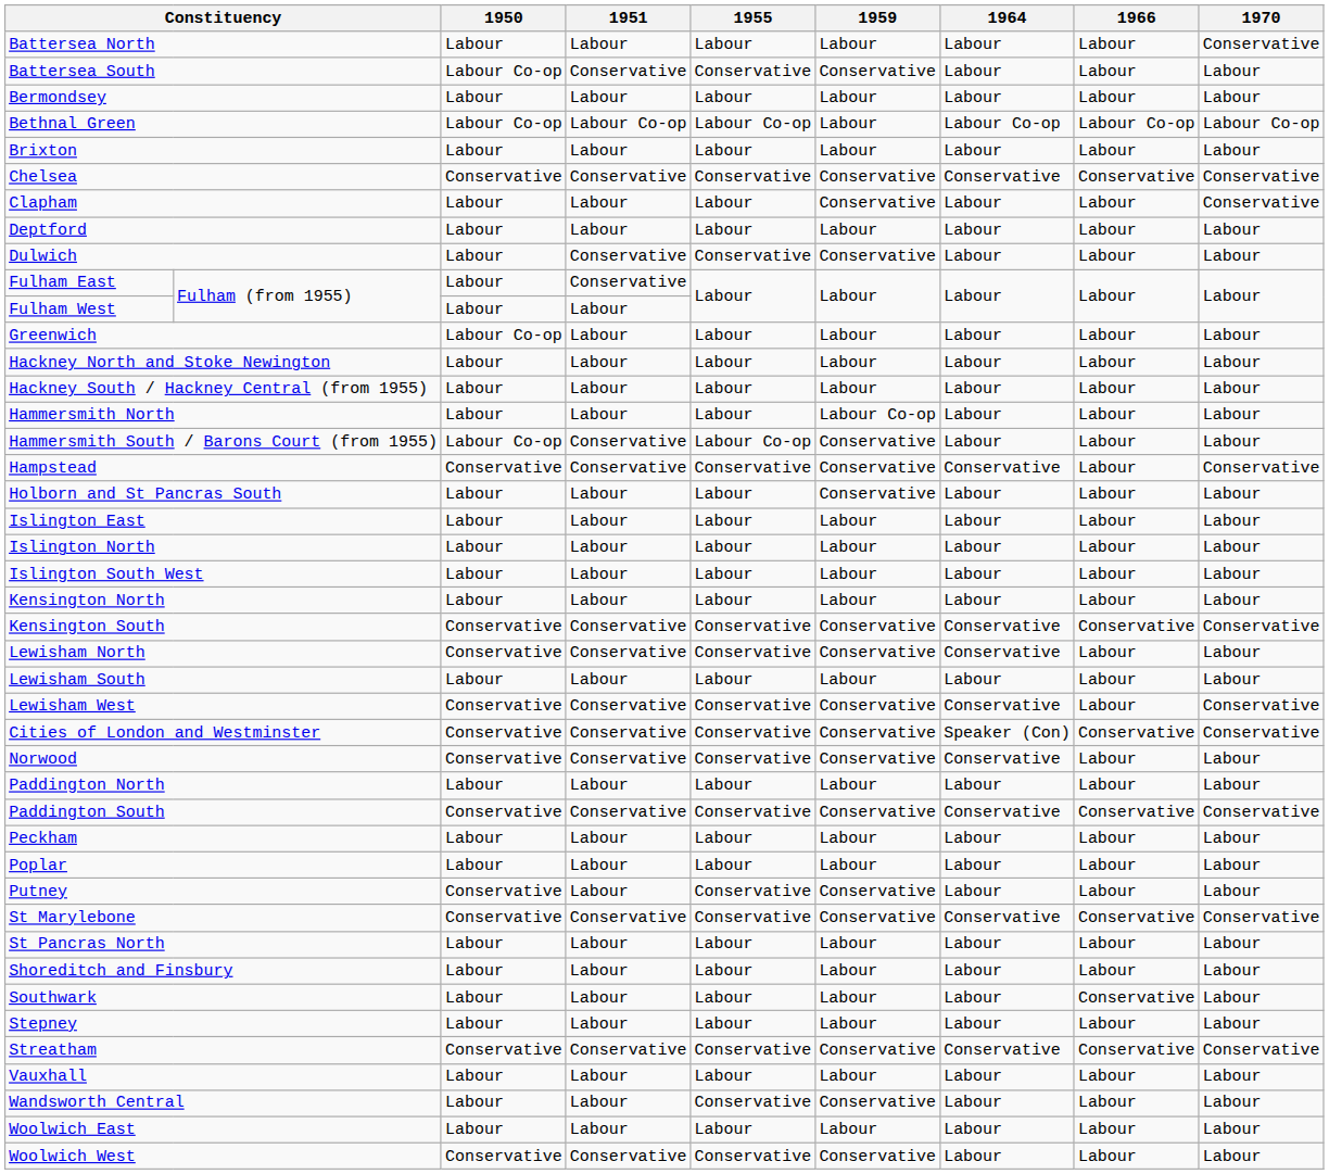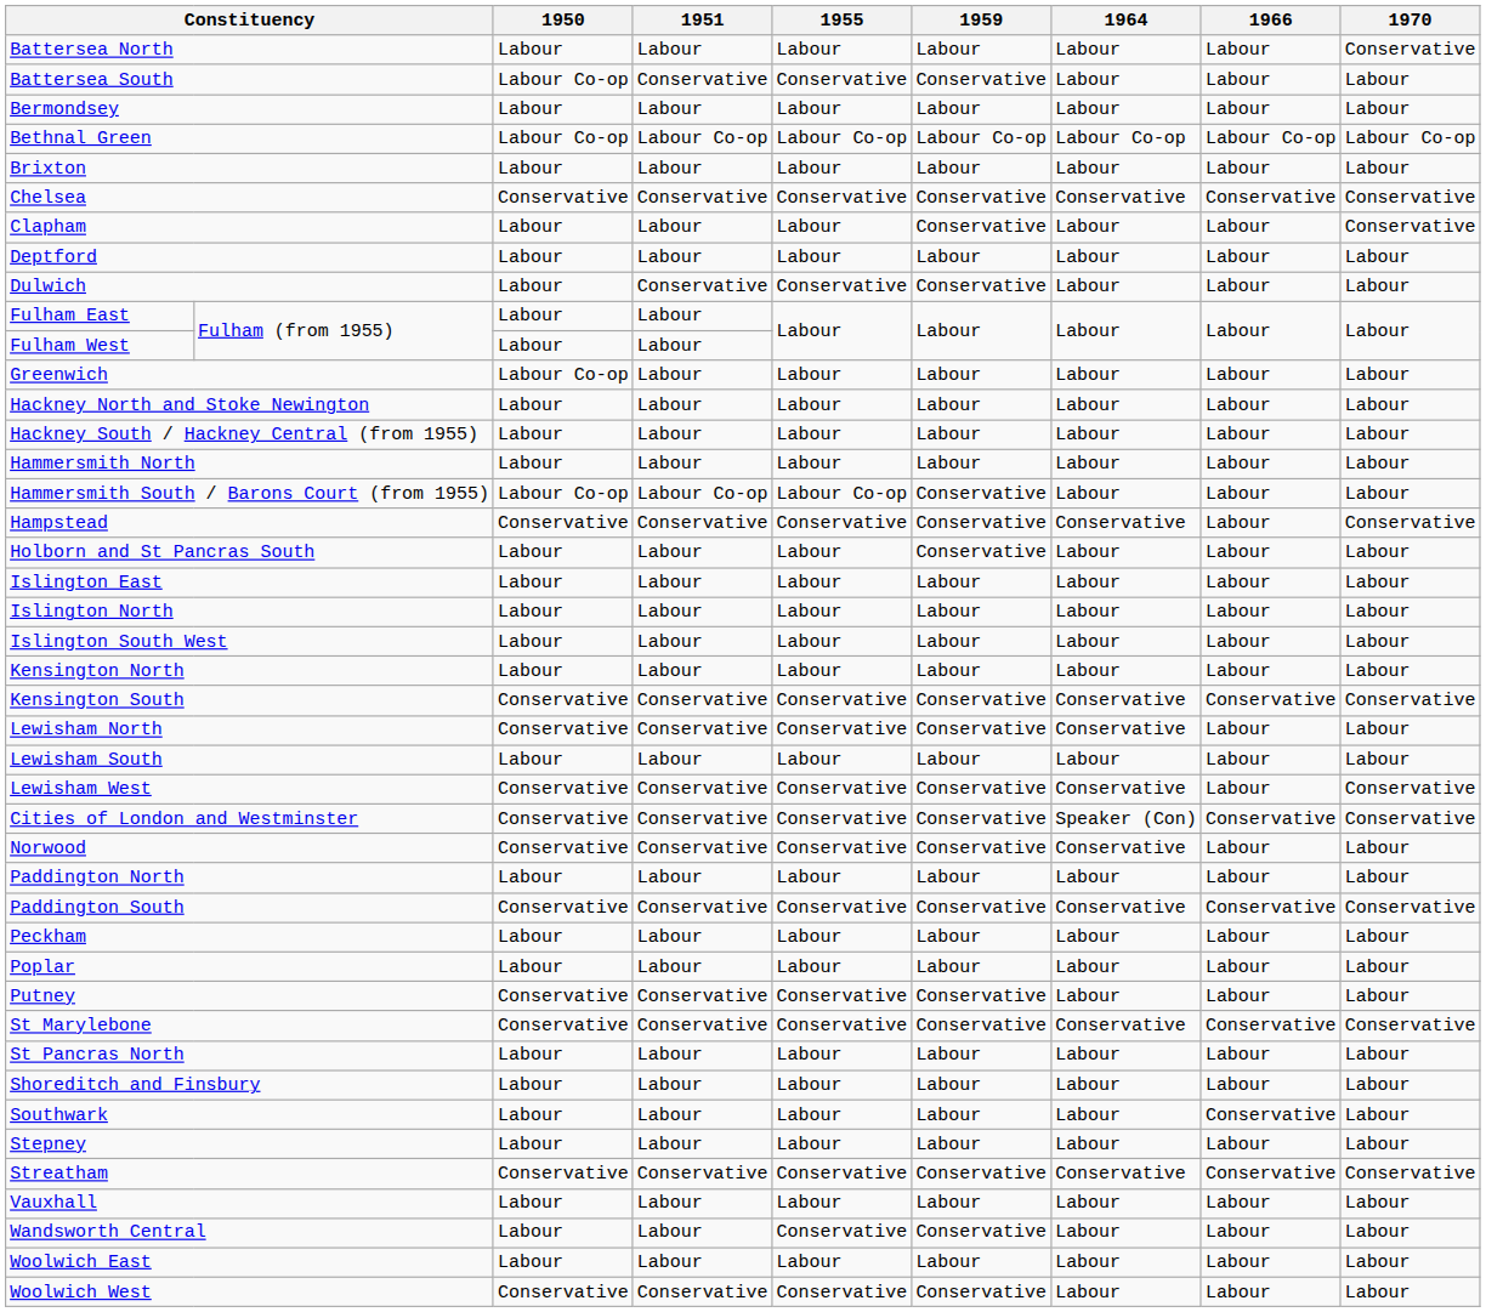 <table class="wikitable sortable">
 <tr>
 <th colspan="2">Constituency</th>
 <th>1950</th>
 <th>1951</th>
 <th>1955</th>
 <th>1959</th>
 <th>1964</th>
 <th>1966</th>
 <th>1970</th>
 </tr>
 <tr>
 <td colspan="2"><a href='#'>Battersea North</a></td>
 <td>Labour</td>
 <td>Labour</td>
 <td>Labour</td>
 <td>Labour</td>
 <td>Labour</td>
 <td>Labour</td>
 <td>Conservative</td>
 </tr>
 <tr>
 <td colspan="2"><a href='#'>Battersea South</a></td>
 <td>Labour Co-op</td>
 <td>Conservative</td>
 <td>Conservative</td>
 <td>Conservative</td>
 <td>Labour</td>
 <td>Labour</td>
 <td>Labour</td>
 </tr>
 <tr>
 <td colspan="2"><a href='#'>Bermondsey</a></td>
 <td>Labour</td>
 <td>Labour</td>
 <td>Labour</td>
 <td>Labour</td>
 <td>Labour</td>
 <td>Labour</td>
 <td>Labour</td>
 </tr>
 <tr>
 <td colspan="2"><a href='#'>Bethnal Green</a></td>
 <td>Labour Co-op</td>
 <td>Labour Co-op</td>
 <td>Labour Co-op</td>
-<td>Labour</td>
+<td>Labour Co-op</td>
 <td>Labour Co-op</td>
 <td>Labour Co-op</td>
 <td>Labour Co-op</td>
 </tr>
 <tr>
 <td colspan="2"><a href='#'>Brixton</a></td>
 <td>Labour</td>
 <td>Labour</td>
 <td>Labour</td>
 <td>Labour</td>
 <td>Labour</td>
 <td>Labour</td>
 <td>Labour</td>
 </tr>
 <tr>
 <td colspan="2"><a href='#'>Chelsea</a></td>
 <td>Conservative</td>
 <td>Conservative</td>
 <td>Conservative</td>
 <td>Conservative</td>
 <td>Conservative</td>
 <td>Conservative</td>
 <td>Conservative</td>
 </tr>
 <tr>
 <td colspan="2"><a href='#'>Clapham</a></td>
 <td>Labour</td>
 <td>Labour</td>
 <td>Labour</td>
 <td>Conservative</td>
 <td>Labour</td>
 <td>Labour</td>
 <td>Conservative</td>
 </tr>
 <tr>
 <td colspan="2"><a href='#'>Deptford</a></td>
 <td>Labour</td>
 <td>Labour</td>
 <td>Labour</td>
 <td>Labour</td>
 <td>Labour</td>
 <td>Labour</td>
 <td>Labour</td>
 </tr>
 <tr>
 <td colspan="2"><a href='#'>Dulwich</a></td>
 <td>Labour</td>
 <td>Conservative</td>
 <td>Conservative</td>
 <td>Conservative</td>
 <td>Labour</td>
 <td>Labour</td>
 <td>Labour</td>
 </tr>
 <tr>
 <td><a href='#'>Fulham East</a></td>
 <td rowspan="2"><a href='#'>Fulham</a> (from 1955)</td>
 <td>Labour</td>
-<td>Conservative</td>
+<td>Labour</td>
 <td rowspan="2" bgcolor=>Labour</td>
 <td rowspan="2">Labour</td>
 <td rowspan="2">Labour</td>
 <td rowspan="2">Labour</td>
 <td rowspan="2">Labour</td>
 </tr>
 <tr>
 <td><a href='#'>Fulham West</a></td>
 <td>Labour</td>
 <td>Labour</td>
 </tr>
 <tr>
 <td colspan="2"><a href='#'>Greenwich</a></td>
 <td>Labour Co-op</td>
 <td>Labour</td>
 <td>Labour</td>
 <td>Labour</td>
 <td>Labour</td>
 <td>Labour</td>
 <td>Labour</td>
 </tr>
 <tr>
 <td colspan="2"><a href='#'>Hackney North and Stoke Newington</a></td>
 <td>Labour</td>
 <td>Labour</td>
 <td>Labour</td>
 <td>Labour</td>
 <td>Labour</td>
 <td>Labour</td>
 <td>Labour</td>
 </tr>
 <tr>
 <td colspan="2"><a href='#'>Hackney South</a> / <a href='#'>Hackney Central</a> (from 1955)</td>
 <td>Labour</td>
 <td>Labour</td>
 <td>Labour</td>
 <td>Labour</td>
 <td>Labour</td>
 <td>Labour</td>
 <td>Labour</td>
 </tr>
 <tr>
 <td colspan="2"><a href='#'>Hammersmith North</a></td>
 <td>Labour</td>
 <td>Labour</td>
 <td>Labour</td>
-<td>Labour Co-op</td>
+<td>Labour</td>
 <td>Labour</td>
 <td>Labour</td>
 <td>Labour</td>
 </tr>
 <tr>
 <td colspan="2"><a href='#'>Hammersmith South</a> / <a href='#'>Barons Court</a> (from 1955)</td>
 <td>Labour Co-op</td>
-<td>Conservative</td>
+<td>Labour Co-op</td>
 <td>Labour Co-op</td>
 <td>Conservative</td>
 <td>Labour</td>
 <td>Labour</td>
 <td>Labour</td>
 </tr>
 <tr>
 <td colspan="2"><a href='#'>Hampstead</a></td>
 <td>Conservative</td>
 <td>Conservative</td>
 <td>Conservative</td>
 <td>Conservative</td>
 <td>Conservative</td>
 <td>Labour</td>
 <td>Conservative</td>
 </tr>
 <tr>
 <td colspan="2"><a href='#'>Holborn and St Pancras South</a></td>
 <td>Labour</td>
 <td>Labour</td>
 <td>Labour</td>
 <td>Conservative</td>
 <td>Labour</td>
 <td>Labour</td>
 <td>Labour</td>
 </tr>
 <tr>
 <td colspan="2"><a href='#'>Islington East</a></td>
 <td>Labour</td>
 <td>Labour</td>
 <td>Labour</td>
 <td>Labour</td>
 <td>Labour</td>
 <td>Labour</td>
 <td>Labour</td>
 </tr>
 <tr>
 <td colspan="2"><a href='#'>Islington North</a></td>
 <td>Labour</td>
 <td>Labour</td>
 <td>Labour</td>
 <td>Labour</td>
 <td>Labour</td>
 <td>Labour</td>
 <td>Labour</td>
 </tr>
 <tr>
 <td colspan="2"><a href='#'>Islington South West</a></td>
 <td>Labour</td>
 <td>Labour</td>
 <td>Labour</td>
 <td>Labour</td>
 <td>Labour</td>
 <td>Labour</td>
 <td>Labour</td>
 </tr>
 <tr>
 <td colspan="2"><a href='#'>Kensington North</a></td>
 <td>Labour</td>
 <td>Labour</td>
 <td>Labour</td>
 <td>Labour</td>
 <td>Labour</td>
 <td>Labour</td>
 <td>Labour</td>
 </tr>
 <tr>
 <td colspan="2"><a href='#'>Kensington South</a></td>
 <td>Conservative</td>
 <td>Conservative</td>
 <td>Conservative</td>
 <td>Conservative</td>
 <td>Conservative</td>
 <td>Conservative</td>
 <td>Conservative</td>
 </tr>
 <tr>
 <td colspan="2"><a href='#'>Lewisham North</a></td>
 <td>Conservative</td>
 <td>Conservative</td>
 <td>Conservative</td>
 <td>Conservative</td>
 <td>Conservative</td>
 <td>Labour</td>
 <td>Labour</td>
 </tr>
 <tr>
 <td colspan="2"><a href='#'>Lewisham South</a></td>
 <td>Labour</td>
 <td>Labour</td>
 <td>Labour</td>
 <td>Labour</td>
 <td>Labour</td>
 <td>Labour</td>
 <td>Labour</td>
 </tr>
 <tr>
 <td colspan="2"><a href='#'>Lewisham West</a></td>
 <td>Conservative</td>
 <td>Conservative</td>
 <td>Conservative</td>
 <td>Conservative</td>
 <td>Conservative</td>
 <td>Labour</td>
 <td>Conservative</td>
 </tr>
 <tr>
 <td colspan="2"><a href='#'>Cities of London and Westminster</a></td>
 <td>Conservative</td>
 <td>Conservative</td>
 <td>Conservative</td>
 <td>Conservative</td>
 <td>Speaker (Con)</td>
 <td>Conservative</td>
 <td>Conservative</td>
 </tr>
 <tr>
 <td colspan="2"><a href='#'>Norwood</a></td>
 <td>Conservative</td>
 <td>Conservative</td>
 <td>Conservative</td>
 <td>Conservative</td>
 <td>Conservative</td>
 <td>Labour</td>
 <td>Labour</td>
 </tr>
 <tr>
 <td colspan="2"><a href='#'>Paddington North</a></td>
 <td>Labour</td>
 <td>Labour</td>
 <td>Labour</td>
 <td>Labour</td>
 <td>Labour</td>
 <td>Labour</td>
 <td>Labour</td>
 </tr>
 <tr>
 <td colspan="2"><a href='#'>Paddington South</a></td>
 <td>Conservative</td>
 <td>Conservative</td>
 <td>Conservative</td>
 <td>Conservative</td>
 <td>Conservative</td>
 <td>Conservative</td>
 <td>Conservative</td>
 </tr>
 <tr>
 <td colspan="2"><a href='#'>Peckham</a></td>
 <td>Labour</td>
 <td>Labour</td>
 <td>Labour</td>
 <td>Labour</td>
 <td>Labour</td>
 <td>Labour</td>
 <td>Labour</td>
 </tr>
 <tr>
 <td colspan="2"><a href='#'>Poplar</a></td>
 <td>Labour</td>
 <td>Labour</td>
 <td>Labour</td>
 <td>Labour</td>
 <td>Labour</td>
 <td>Labour</td>
 <td>Labour</td>
 </tr>
 <tr>
 <td colspan="2"><a href='#'>Putney</a></td>
 <td>Conservative</td>
-<td>Labour</td>
+<td>Conservative</td>
 <td>Conservative</td>
 <td>Conservative</td>
 <td>Labour</td>
 <td>Labour</td>
 <td>Labour</td>
 </tr>
 <tr>
 <td colspan="2"><a href='#'>St Marylebone</a></td>
 <td>Conservative</td>
 <td>Conservative</td>
 <td>Conservative</td>
 <td>Conservative</td>
 <td>Conservative</td>
 <td>Conservative</td>
 <td>Conservative</td>
 </tr>
 <tr>
 <td colspan="2"><a href='#'>St Pancras North</a></td>
 <td>Labour</td>
 <td>Labour</td>
 <td>Labour</td>
 <td>Labour</td>
 <td>Labour</td>
 <td>Labour</td>
 <td>Labour</td>
 </tr>
 <tr>
 <td colspan="2"><a href='#'>Shoreditch and Finsbury</a></td>
 <td>Labour</td>
 <td>Labour</td>
 <td>Labour</td>
 <td>Labour</td>
 <td>Labour</td>
 <td>Labour</td>
 <td>Labour</td>
 </tr>
 <tr>
 <td colspan="2"><a href='#'>Southwark</a></td>
 <td>Labour</td>
 <td>Labour</td>
 <td>Labour</td>
 <td>Labour</td>
 <td>Labour</td>
 <td>Conservative</td>
 <td>Labour</td>
 </tr>
 <tr>
 <td colspan="2"><a href='#'>Stepney</a></td>
 <td>Labour</td>
 <td>Labour</td>
 <td>Labour</td>
 <td>Labour</td>
 <td>Labour</td>
 <td>Labour</td>
 <td>Labour</td>
 </tr>
 <tr>
 <td colspan="2"><a href='#'>Streatham</a></td>
 <td>Conservative</td>
 <td>Conservative</td>
 <td>Conservative</td>
 <td>Conservative</td>
 <td>Conservative</td>
 <td>Conservative</td>
 <td>Conservative</td>
 </tr>
 <tr>
 <td colspan="2"><a href='#'>Vauxhall</a></td>
 <td>Labour</td>
 <td>Labour</td>
 <td>Labour</td>
 <td>Labour</td>
 <td>Labour</td>
 <td>Labour</td>
 <td>Labour</td>
 </tr>
 <tr>
 <td colspan="2"><a href='#'>Wandsworth Central</a></td>
 <td>Labour</td>
 <td>Labour</td>
 <td>Conservative</td>
 <td>Conservative</td>
 <td>Labour</td>
 <td>Labour</td>
 <td>Labour</td>
 </tr>
 <tr>
 <td colspan="2"><a href='#'>Woolwich East</a></td>
 <td>Labour</td>
 <td>Labour</td>
 <td>Labour</td>
 <td>Labour</td>
 <td>Labour</td>
 <td>Labour</td>
 <td>Labour</td>
 </tr>
 <tr>
 <td colspan="2"><a href='#'>Woolwich West</a></td>
 <td>Conservative</td>
 <td>Conservative</td>
 <td>Conservative</td>
 <td>Conservative</td>
 <td>Labour</td>
 <td>Labour</td>
 <td>Labour</td>
 </tr>
 </table>
